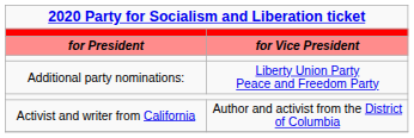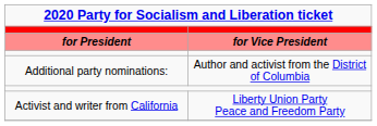 <table class="wikitable" style="font-size:90%; text-align:center">
 <tr>
 <td colspan=2><big><strong><a href='#'>2020 Party for Socialism and Liberation ticket</a></strong></big></td>
 </tr>
 <tr>
 <th style="font-size:135%; background:red"></th>
 <th style="font-size:135%; background:red"></th>
 </tr>
 <tr style="color:#000; font-size:100%; background:#FF8C8C">
 <td><strong><em>for President</em></strong></td>
 <td><strong><em>for Vice President</em></strong></td>
 </tr>
 <tr>
 <td></td>
 <td></td>
 </tr>
 <tr>
 <td>Additional party nominations:</td>
-<td><a href='#'>Liberty Union Party</a><br><a href='#'>Peace and Freedom Party</a></td>
+<td style=width:16em>Author and activist from the <a href='#'>District of Columbia</a></td>
 </tr>
 <tr>
 <td colspan=2></td>
 </tr>
 <tr>
 <td style=width:16em>Activist and writer from <a href='#'>California</a></td>
-<td style=width:16em>Author and activist from the <a href='#'>District of Columbia</a></td>
+<td><a href='#'>Liberty Union Party</a><br><a href='#'>Peace and Freedom Party</a></td>
 </tr>
 <tr>
 </tr>
 </table>
